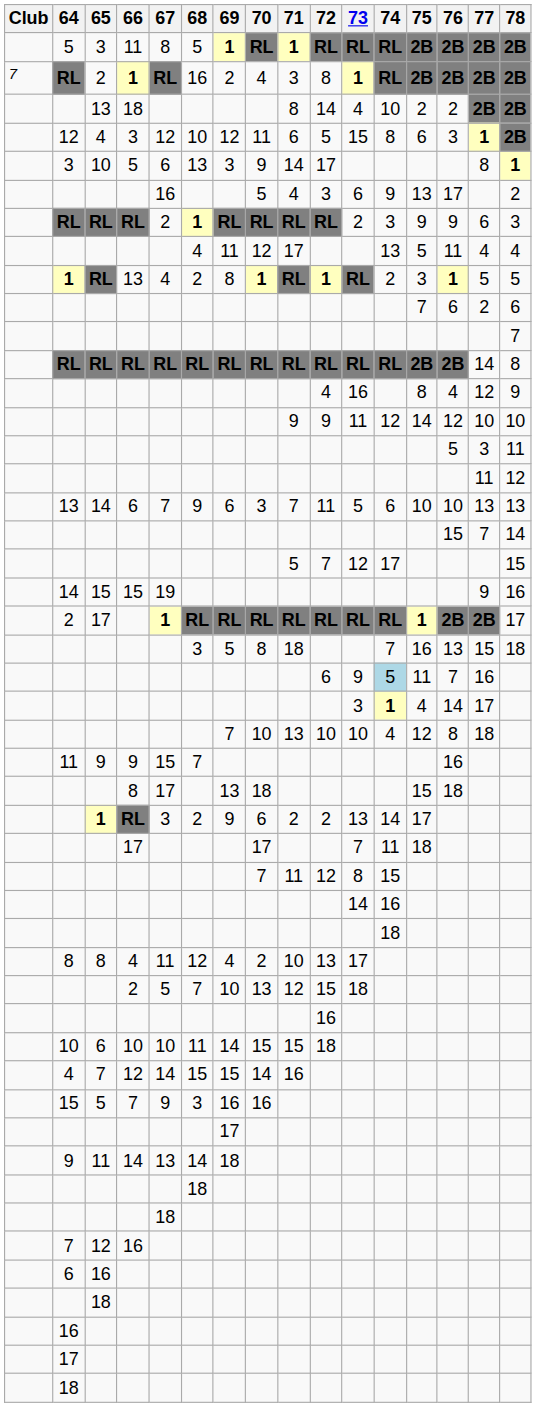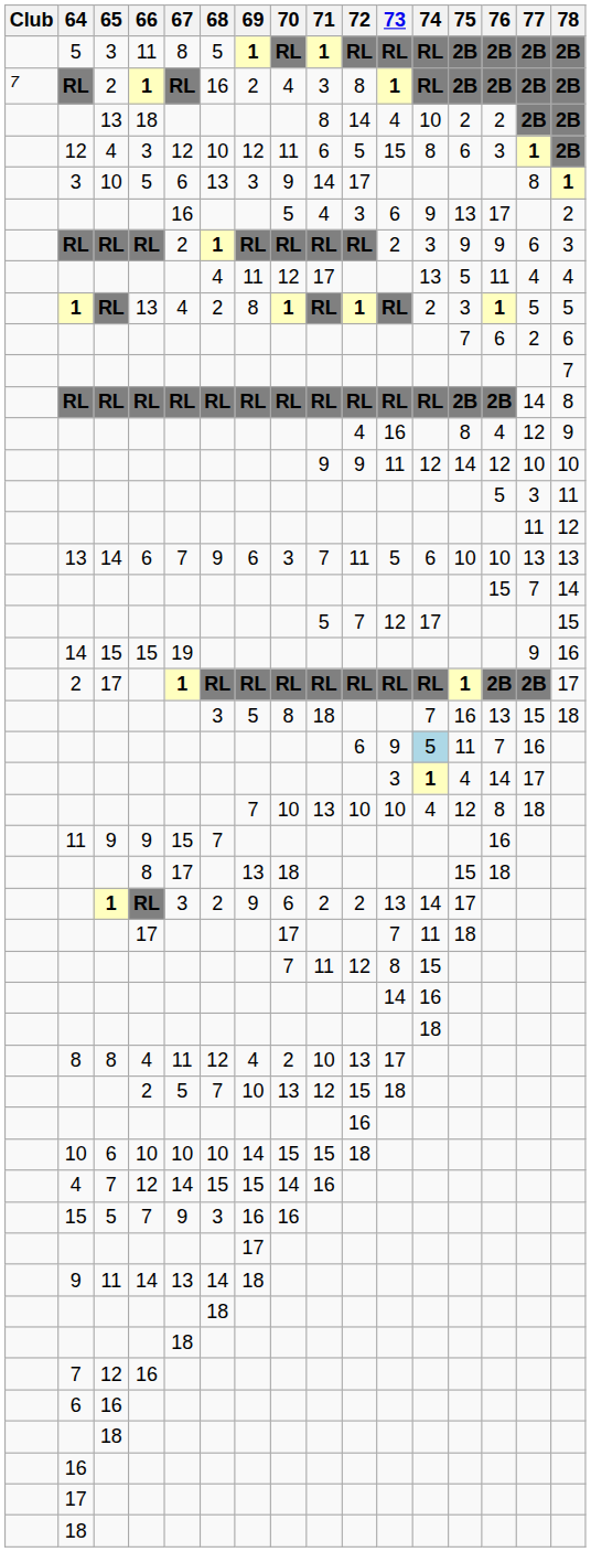 <table class="wikitable sortable">
 <tr>
 <th>Club</th>
 <th class="unsortable">64</th>
 <th class="unsortable">65</th>
 <th class="unsortable">66</th>
 <th class="unsortable">67</th>
 <th class="unsortable">68</th>
 <th class="unsortable">69</th>
 <th class="unsortable">70</th>
 <th class="unsortable">71</th>
 <th class="unsortable">72</th>
 <th class="unsortable"><a href='#'>73</a></th>
 <th class="unsortable">74</th>
 <th class="unsortable">75</th>
 <th class="unsortable">76</th>
 <th class="unsortable">77</th>
 <th class="unsortable">78</th>
 </tr>
 <tr align="center">
 <td align="left"></td>
 <td>5</td>
 <td>3</td>
 <td>11</td>
 <td>8</td>
 <td>5</td>
 <td style="background:#ffffbf"><strong>1</strong></td>
 <td style="background:#808080"><strong>RL</strong></td>
 <td style="background:#ffffbf"><strong>1</strong></td>
 <td style="background:#808080"><strong>RL</strong></td>
 <td style="background:#808080"><strong>RL</strong></td>
 <td style="background:#808080"><strong>RL</strong></td>
 <td style="background:#808080"><strong>2B</strong></td>
 <td style="background:#808080"><strong>2B</strong></td>
 <td style="background:#808080"><strong>2B</strong></td>
 <td style="background:#808080"><strong>2B</strong></td>
 </tr>
 <tr align="center">
 <td align="left"> <sup><em>7</em></sup></td>
 <td style="background:#808080"><strong>RL</strong></td>
 <td>2</td>
 <td style="background:#ffffbf"><strong>1</strong></td>
 <td style="background:#808080"><strong>RL</strong></td>
 <td>16</td>
 <td>2</td>
 <td>4</td>
 <td>3</td>
 <td>8</td>
 <td style="background:#ffffbf"><strong>1</strong></td>
 <td style="background:#808080"><strong>RL</strong></td>
 <td style="background:#808080"><strong>2B</strong></td>
 <td style="background:#808080"><strong>2B</strong></td>
 <td style="background:#808080"><strong>2B</strong></td>
 <td style="background:#808080"><strong>2B</strong></td>
 </tr>
 <tr align="center">
 <td align="left"></td>
 <td></td>
 <td>13</td>
 <td>18</td>
 <td></td>
 <td></td>
 <td></td>
 <td></td>
 <td>8</td>
 <td>14</td>
 <td>4</td>
 <td>10</td>
 <td>2</td>
 <td>2</td>
 <td style="background:#808080"><strong>2B</strong></td>
 <td style="background:#808080"><strong>2B</strong></td>
 </tr>
 <tr align="center">
 <td align="left"></td>
 <td>12</td>
 <td>4</td>
 <td>3</td>
 <td>12</td>
 <td>10</td>
 <td>12</td>
 <td>11</td>
 <td>6</td>
 <td>5</td>
 <td>15</td>
 <td>8</td>
 <td>6</td>
 <td>3</td>
 <td style="background:#ffffbf"><strong>1</strong></td>
 <td style="background:#808080"><strong>2B</strong></td>
 </tr>
 <tr align="center">
 <td align="left"></td>
 <td>3</td>
 <td>10</td>
 <td>5</td>
 <td>6</td>
 <td>13</td>
 <td>3</td>
 <td>9</td>
 <td>14</td>
 <td>17</td>
 <td></td>
 <td></td>
 <td></td>
 <td></td>
 <td>8</td>
 <td style="background:#ffffbf"><strong>1</strong></td>
 </tr>
 <tr align="center">
 <td align="left"></td>
 <td></td>
 <td></td>
 <td></td>
 <td>16</td>
 <td></td>
 <td></td>
 <td>5</td>
 <td>4</td>
 <td>3</td>
 <td>6</td>
 <td>9</td>
 <td>13</td>
 <td>17</td>
 <td></td>
 <td>2</td>
 </tr>
 <tr align="center">
 <td align="left"></td>
 <td style="background:#808080"><strong>RL</strong></td>
 <td style="background:#808080"><strong>RL</strong></td>
 <td style="background:#808080"><strong>RL</strong></td>
 <td>2</td>
 <td style="background:#ffffbf"><strong>1</strong></td>
 <td style="background:#808080"><strong>RL</strong></td>
 <td style="background:#808080"><strong>RL</strong></td>
 <td style="background:#808080"><strong>RL</strong></td>
 <td style="background:#808080"><strong>RL</strong></td>
 <td>2</td>
 <td>3</td>
 <td>9</td>
 <td>9</td>
 <td>6</td>
 <td>3</td>
 </tr>
 <tr align="center">
 <td align="left"></td>
 <td></td>
 <td></td>
 <td></td>
 <td></td>
 <td>4</td>
 <td>11</td>
 <td>12</td>
 <td>17</td>
 <td></td>
 <td></td>
 <td>13</td>
 <td>5</td>
 <td>11</td>
 <td>4</td>
 <td>4</td>
 </tr>
 <tr align="center">
 <td align="left"></td>
 <td style="background:#ffffbf"><strong>1</strong></td>
 <td style="background:#808080"><strong>RL</strong></td>
 <td>13</td>
 <td>4</td>
 <td>2</td>
 <td>8</td>
 <td style="background:#ffffbf"><strong>1</strong></td>
 <td style="background:#808080"><strong>RL</strong></td>
 <td style="background:#ffffbf"><strong>1</strong></td>
 <td style="background:#808080"><strong>RL</strong></td>
 <td>2</td>
 <td>3</td>
 <td style="background:#ffffbf"><strong>1</strong></td>
 <td>5</td>
 <td>5</td>
 </tr>
 <tr align="center">
 <td align="left"></td>
 <td></td>
 <td></td>
 <td></td>
 <td></td>
 <td></td>
 <td></td>
 <td></td>
 <td></td>
 <td></td>
 <td></td>
 <td></td>
 <td>7</td>
 <td>6</td>
 <td>2</td>
 <td>6</td>
 </tr>
 <tr align="center">
 <td align="left"></td>
 <td></td>
 <td></td>
 <td></td>
 <td></td>
 <td></td>
 <td></td>
 <td></td>
 <td></td>
 <td></td>
 <td></td>
 <td></td>
 <td></td>
 <td></td>
 <td></td>
 <td>7</td>
 </tr>
 <tr align="center">
 <td align="left"></td>
 <td style="background:#808080"><strong>RL</strong></td>
 <td style="background:#808080"><strong>RL</strong></td>
 <td style="background:#808080"><strong>RL</strong></td>
 <td style="background:#808080"><strong>RL</strong></td>
 <td style="background:#808080"><strong>RL</strong></td>
 <td style="background:#808080"><strong>RL</strong></td>
 <td style="background:#808080"><strong>RL</strong></td>
 <td style="background:#808080"><strong>RL</strong></td>
 <td style="background:#808080"><strong>RL</strong></td>
 <td style="background:#808080"><strong>RL</strong></td>
 <td style="background:#808080"><strong>RL</strong></td>
 <td style="background:#808080"><strong>2B</strong></td>
 <td style="background:#808080"><strong>2B</strong></td>
 <td>14</td>
 <td>8</td>
 </tr>
 <tr align="center">
 <td align="left"></td>
 <td></td>
 <td></td>
 <td></td>
 <td></td>
 <td></td>
 <td></td>
 <td></td>
 <td></td>
 <td>4</td>
 <td>16</td>
 <td></td>
 <td>8</td>
 <td>4</td>
 <td>12</td>
 <td>9</td>
 </tr>
 <tr align="center">
 <td align="left"></td>
 <td></td>
 <td></td>
 <td></td>
 <td></td>
 <td></td>
 <td></td>
 <td></td>
 <td>9</td>
 <td>9</td>
 <td>11</td>
 <td>12</td>
 <td>14</td>
 <td>12</td>
 <td>10</td>
 <td>10</td>
 </tr>
 <tr align="center">
 <td align="left"></td>
 <td></td>
 <td></td>
 <td></td>
 <td></td>
 <td></td>
 <td></td>
 <td></td>
 <td></td>
 <td></td>
 <td></td>
 <td></td>
 <td></td>
 <td>5</td>
 <td>3</td>
 <td>11</td>
 </tr>
 <tr align="center">
 <td align="left"></td>
 <td></td>
 <td></td>
 <td></td>
 <td></td>
 <td></td>
 <td></td>
 <td></td>
 <td></td>
 <td></td>
 <td></td>
 <td></td>
 <td></td>
 <td></td>
 <td>11</td>
 <td>12</td>
 </tr>
 <tr align="center">
 <td align="left"></td>
 <td>13</td>
 <td>14</td>
 <td>6</td>
 <td>7</td>
 <td>9</td>
 <td>6</td>
 <td>3</td>
 <td>7</td>
 <td>11</td>
 <td>5</td>
 <td>6</td>
 <td>10</td>
 <td>10</td>
 <td>13</td>
 <td>13</td>
 </tr>
 <tr align="center">
 <td align="left"></td>
 <td></td>
 <td></td>
 <td></td>
 <td></td>
 <td></td>
 <td></td>
 <td></td>
 <td></td>
 <td></td>
 <td></td>
 <td></td>
 <td></td>
 <td>15</td>
 <td>7</td>
 <td>14</td>
 </tr>
 <tr align="center">
 <td align="left"></td>
 <td></td>
 <td></td>
 <td></td>
 <td></td>
 <td></td>
 <td></td>
 <td></td>
 <td>5</td>
 <td>7</td>
 <td>12</td>
 <td>17</td>
 <td></td>
 <td></td>
 <td></td>
 <td>15</td>
 </tr>
 <tr align="center">
 <td align="left"></td>
 <td>14</td>
 <td>15</td>
 <td>15</td>
 <td>19</td>
 <td></td>
 <td></td>
 <td></td>
 <td></td>
 <td></td>
 <td></td>
 <td></td>
 <td></td>
 <td></td>
 <td>9</td>
 <td>16</td>
 </tr>
 <tr align="center">
 <td align="left"></td>
 <td>2</td>
 <td>17</td>
 <td></td>
 <td style="background:#ffffbf"><strong>1</strong></td>
 <td style="background:#808080"><strong>RL</strong></td>
 <td style="background:#808080"><strong>RL</strong></td>
 <td style="background:#808080"><strong>RL</strong></td>
 <td style="background:#808080"><strong>RL</strong></td>
 <td style="background:#808080"><strong>RL</strong></td>
 <td style="background:#808080"><strong>RL</strong></td>
 <td style="background:#808080"><strong>RL</strong></td>
 <td style="background:#ffffbf"><strong>1</strong></td>
 <td style="background:#808080"><strong>2B</strong></td>
 <td style="background:#808080"><strong>2B</strong></td>
 <td>17</td>
 </tr>
 <tr align="center">
 <td align="left"></td>
 <td></td>
 <td></td>
 <td></td>
 <td></td>
 <td>3</td>
 <td>5</td>
 <td>8</td>
 <td>18</td>
 <td></td>
 <td></td>
 <td>7</td>
 <td>16</td>
 <td>13</td>
 <td>15</td>
 <td>18</td>
 </tr>
 <tr align="center">
 <td align="left"></td>
 <td></td>
 <td></td>
 <td></td>
 <td></td>
 <td></td>
 <td></td>
 <td></td>
 <td></td>
 <td>6</td>
 <td>9</td>
 <td style="background: lightblue;">5</td>
 <td>11</td>
 <td>7</td>
 <td>16</td>
 <td></td>
 </tr>
 <tr align="center">
 <td align="left"></td>
 <td></td>
 <td></td>
 <td></td>
 <td></td>
 <td></td>
 <td></td>
 <td></td>
 <td></td>
 <td></td>
 <td>3</td>
 <td style="background:#ffffbf"><strong>1</strong></td>
 <td>4</td>
 <td>14</td>
 <td>17</td>
 <td></td>
 </tr>
 <tr align="center">
 <td align="left"></td>
 <td></td>
 <td></td>
 <td></td>
 <td></td>
 <td></td>
 <td>7</td>
 <td>10</td>
 <td>13</td>
 <td>10</td>
 <td>10</td>
 <td>4</td>
 <td>12</td>
 <td>8</td>
 <td>18</td>
 <td></td>
 </tr>
 <tr align="center">
 <td align="left"></td>
 <td>11</td>
 <td>9</td>
 <td>9</td>
 <td>15</td>
 <td>7</td>
 <td></td>
 <td></td>
 <td></td>
 <td></td>
 <td></td>
 <td></td>
 <td></td>
 <td>16</td>
 <td></td>
 <td></td>
 </tr>
 <tr align="center">
 <td align="left"></td>
 <td></td>
 <td></td>
 <td>8</td>
 <td>17</td>
 <td></td>
 <td>13</td>
 <td>18</td>
 <td></td>
 <td></td>
 <td></td>
 <td></td>
 <td>15</td>
 <td>18</td>
 <td></td>
 <td></td>
 </tr>
 <tr align="center">
 <td align="left"></td>
 <td></td>
 <td style="background:#ffffbf"><strong>1</strong></td>
 <td style="background:#808080"><strong>RL</strong></td>
 <td>3</td>
 <td>2</td>
 <td>9</td>
 <td>6</td>
 <td>2</td>
 <td>2</td>
 <td>13</td>
 <td>14</td>
 <td>17</td>
 <td></td>
 <td></td>
 <td></td>
 </tr>
 <tr align="center">
 <td align="left"></td>
 <td></td>
 <td></td>
 <td>17</td>
 <td></td>
 <td></td>
 <td></td>
 <td>17</td>
 <td></td>
 <td></td>
 <td>7</td>
 <td>11</td>
 <td>18</td>
 <td></td>
 <td></td>
 <td></td>
 </tr>
 <tr align="center">
 <td align="left"></td>
 <td></td>
 <td></td>
 <td></td>
 <td></td>
 <td></td>
 <td></td>
 <td>7</td>
 <td>11</td>
 <td>12</td>
 <td>8</td>
 <td>15</td>
 <td></td>
 <td></td>
 <td></td>
 <td></td>
 </tr>
 <tr align="center">
 <td align="left"></td>
 <td></td>
 <td></td>
 <td></td>
 <td></td>
 <td></td>
 <td></td>
 <td></td>
 <td></td>
 <td></td>
 <td>14</td>
 <td>16</td>
 <td></td>
 <td></td>
 <td></td>
 <td></td>
 </tr>
 <tr align="center">
 <td align="left"></td>
 <td></td>
 <td></td>
 <td></td>
 <td></td>
 <td></td>
 <td></td>
 <td></td>
 <td></td>
 <td></td>
 <td></td>
 <td>18</td>
 <td></td>
 <td></td>
 <td></td>
 <td></td>
 </tr>
 <tr align="center">
 <td align="left"></td>
 <td>8</td>
 <td>8</td>
 <td>4</td>
 <td>11</td>
 <td>12</td>
 <td>4</td>
 <td>2</td>
 <td>10</td>
 <td>13</td>
 <td>17</td>
 <td></td>
 <td></td>
 <td></td>
 <td></td>
 <td></td>
 </tr>
 <tr align="center">
 <td align="left"></td>
 <td></td>
 <td></td>
 <td>2</td>
 <td>5</td>
 <td>7</td>
 <td>10</td>
 <td>13</td>
 <td>12</td>
 <td>15</td>
 <td>18</td>
 <td></td>
 <td></td>
 <td></td>
 <td></td>
 <td></td>
 </tr>
 <tr align="center">
 <td align="left"></td>
 <td></td>
 <td></td>
 <td></td>
 <td></td>
 <td></td>
 <td></td>
 <td></td>
 <td></td>
 <td>16</td>
 <td></td>
 <td></td>
 <td></td>
 <td></td>
 <td></td>
 <td></td>
 </tr>
 <tr align="center">
 <td align="left"></td>
 <td>10</td>
 <td>6</td>
 <td>10</td>
 <td>10</td>
-<td>11</td>
+<td>10</td>
 <td>14</td>
 <td>15</td>
 <td>15</td>
 <td>18</td>
 <td></td>
 <td></td>
 <td></td>
 <td></td>
 <td></td>
 <td></td>
 </tr>
 <tr align="center">
 <td align="left"></td>
 <td>4</td>
 <td>7</td>
 <td>12</td>
 <td>14</td>
 <td>15</td>
 <td>15</td>
 <td>14</td>
 <td>16</td>
 <td></td>
 <td></td>
 <td></td>
 <td></td>
 <td></td>
 <td></td>
 <td></td>
 </tr>
 <tr align="center">
 <td align="left"></td>
 <td>15</td>
 <td>5</td>
 <td>7</td>
 <td>9</td>
 <td>3</td>
 <td>16</td>
 <td>16</td>
 <td></td>
 <td></td>
 <td></td>
 <td></td>
 <td></td>
 <td></td>
 <td></td>
 <td></td>
 </tr>
 <tr align="center">
 <td align="left"></td>
 <td></td>
 <td></td>
 <td></td>
 <td></td>
 <td></td>
 <td>17</td>
 <td></td>
 <td></td>
 <td></td>
 <td></td>
 <td></td>
 <td></td>
 <td></td>
 <td></td>
 <td></td>
 </tr>
 <tr align="center">
 <td align="left"></td>
 <td>9</td>
 <td>11</td>
 <td>14</td>
 <td>13</td>
 <td>14</td>
 <td>18</td>
 <td></td>
 <td></td>
 <td></td>
 <td></td>
 <td></td>
 <td></td>
 <td></td>
 <td></td>
 <td></td>
 </tr>
 <tr align="center">
 <td align="left"></td>
 <td></td>
 <td></td>
 <td></td>
 <td></td>
 <td>18</td>
 <td></td>
 <td></td>
 <td></td>
 <td></td>
 <td></td>
 <td></td>
 <td></td>
 <td></td>
 <td></td>
 <td></td>
 </tr>
 <tr align="center">
 <td align="left"></td>
 <td></td>
 <td></td>
 <td></td>
 <td>18</td>
 <td></td>
 <td></td>
 <td></td>
 <td></td>
 <td></td>
 <td></td>
 <td></td>
 <td></td>
 <td></td>
 <td></td>
 <td></td>
 </tr>
 <tr align="center">
 <td align="left"></td>
 <td>7</td>
 <td>12</td>
 <td>16</td>
 <td></td>
 <td></td>
 <td></td>
 <td></td>
 <td></td>
 <td></td>
 <td></td>
 <td></td>
 <td></td>
 <td></td>
 <td></td>
 <td></td>
 </tr>
 <tr align="center">
 <td align="left"></td>
 <td>6</td>
 <td>16</td>
 <td></td>
 <td></td>
 <td></td>
 <td></td>
 <td></td>
 <td></td>
 <td></td>
 <td></td>
 <td></td>
 <td></td>
 <td></td>
 <td></td>
 <td></td>
 </tr>
 <tr align="center">
 <td align="left"></td>
 <td></td>
 <td>18</td>
 <td></td>
 <td></td>
 <td></td>
 <td></td>
 <td></td>
 <td></td>
 <td></td>
 <td></td>
 <td></td>
 <td></td>
 <td></td>
 <td></td>
 <td></td>
 </tr>
 <tr align="center">
 <td align="left"></td>
 <td>16</td>
 <td></td>
 <td></td>
 <td></td>
 <td></td>
 <td></td>
 <td></td>
 <td></td>
 <td></td>
 <td></td>
 <td></td>
 <td></td>
 <td></td>
 <td></td>
 <td></td>
 </tr>
 <tr align="center">
 <td align="left"></td>
 <td>17</td>
 <td></td>
 <td></td>
 <td></td>
 <td></td>
 <td></td>
 <td></td>
 <td></td>
 <td></td>
 <td></td>
 <td></td>
 <td></td>
 <td></td>
 <td></td>
 <td></td>
 </tr>
 <tr align="center">
 <td align="left"></td>
 <td>18</td>
 <td></td>
 <td></td>
 <td></td>
 <td></td>
 <td></td>
 <td></td>
 <td></td>
 <td></td>
 <td></td>
 <td></td>
 <td></td>
 <td></td>
 <td></td>
 <td></td>
 </tr>
 </table>
